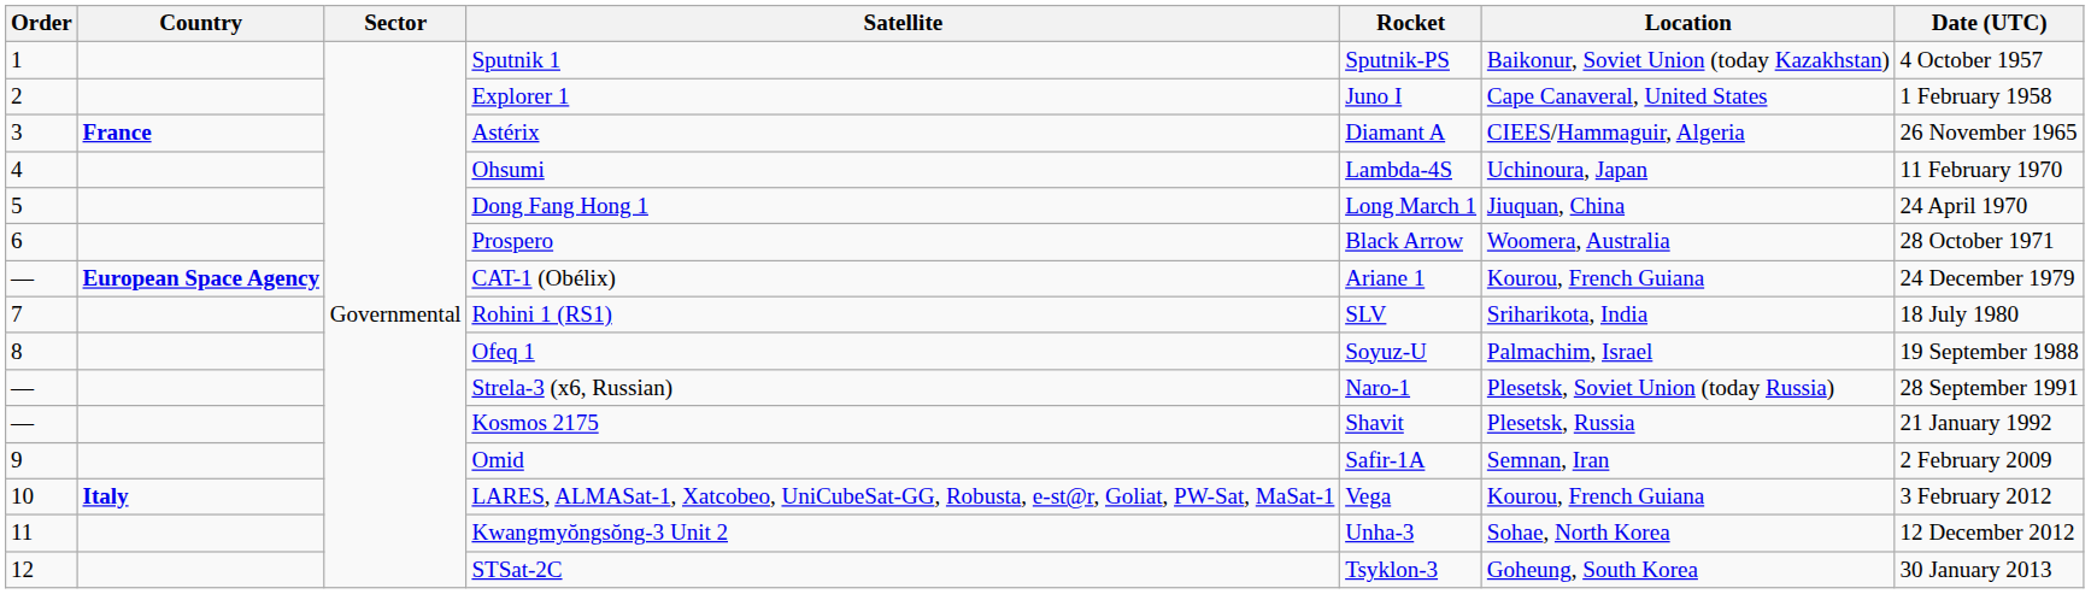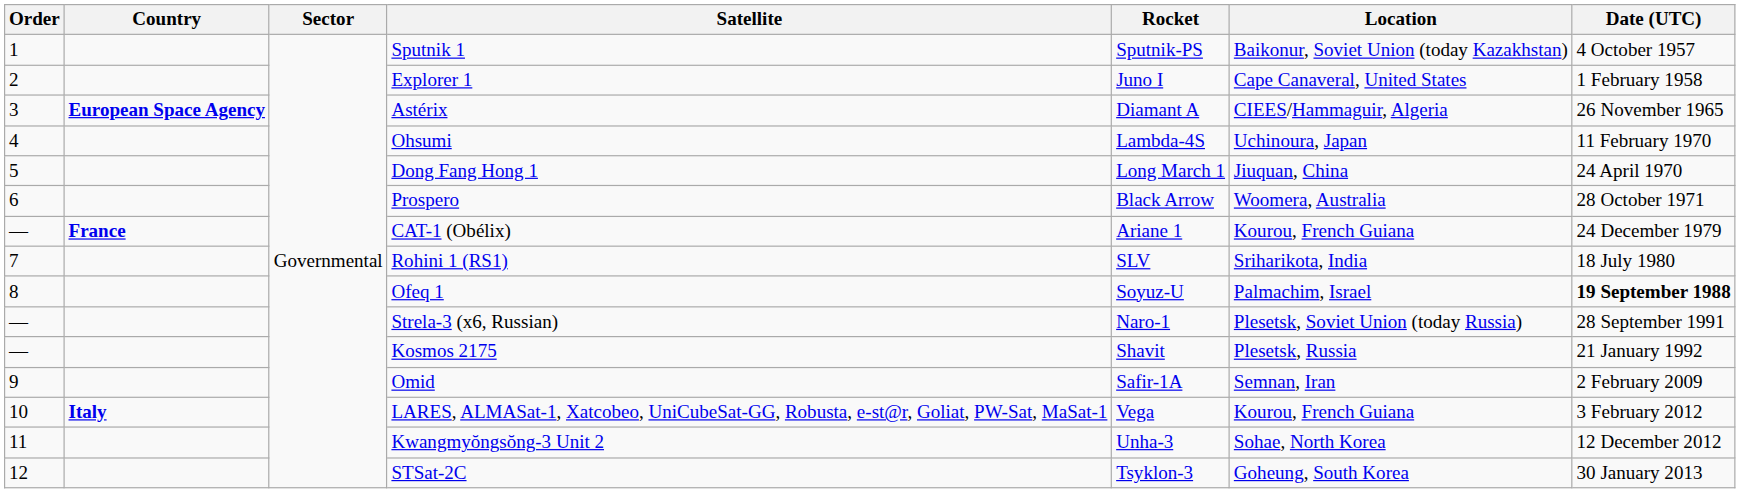 <table class="wikitable sticky-header">
 <tr>
 <th>Order</th>
 <th>Country</th>
 <th>Sector</th>
 <th>Satellite</th>
 <th>Rocket</th>
 <th>Location</th>
 <th>Date (UTC)</th>
 </tr>
 <tr>
 <td scope="row">1</td>
 <td></td>
 <td rowspan="15">Governmental</td>
 <td><a href='#'>Sputnik 1</a></td>
 <td><a href='#'>Sputnik-PS</a></td>
 <td><a href='#'>Baikonur</a>, <a href='#'>Soviet Union</a> (today <a href='#'>Kazakhstan</a>)</td>
 <td>4 October 1957</td>
 </tr>
 <tr>
 <td scope="row">2</td>
 <td><strong></strong></td>
 <td><a href='#'>Explorer 1</a></td>
 <td><a href='#'>Juno I</a></td>
 <td><a href='#'>Cape Canaveral</a>, <a href='#'>United States</a></td>
 <td>1 February 1958</td>
 </tr>
 <tr>
 <td scope="row">3</td>
-<td> <strong><a href='#'>France</a></strong></td>
+<td><strong> <a href='#'>European Space Agency</a></strong></td>
 <td><a href='#'>Astérix</a></td>
 <td><a href='#'>Diamant A</a></td>
 <td><a href='#'>CIEES</a>/<a href='#'>Hammaguir</a>, <a href='#'>Algeria</a></td>
 <td>26 November 1965</td>
 </tr>
 <tr>
 <td scope="row">4</td>
 <td><strong></strong></td>
 <td><a href='#'>Ohsumi</a></td>
 <td><a href='#'>Lambda-4S</a></td>
 <td><a href='#'>Uchinoura</a>, <a href='#'>Japan</a></td>
 <td>11 February 1970</td>
 </tr>
 <tr>
 <td scope="row">5</td>
 <td><strong></strong></td>
 <td><a href='#'>Dong Fang Hong 1</a></td>
 <td><a href='#'>Long March 1</a></td>
 <td><a href='#'>Jiuquan</a>, <a href='#'>China</a></td>
 <td>24 April 1970</td>
 </tr>
 <tr>
 <td scope="row">6</td>
 <td></td>
 <td><a href='#'>Prospero</a></td>
 <td><a href='#'>Black Arrow</a></td>
 <td><a href='#'>Woomera</a>, <a href='#'>Australia</a></td>
 <td>28 October 1971</td>
 </tr>
 <tr December 20 Ethiopia launched its first space satellite into space>
 <td scope="row">— </td>
-<td><strong> <a href='#'>European Space Agency</a></strong></td>
+<td> <strong><a href='#'>France</a></strong></td>
 <td><a href='#'>CAT-1</a> (Obélix)</td>
 <td><a href='#'>Ariane 1</a></td>
 <td><a href='#'>Kourou</a>, <a href='#'>French Guiana</a></td>
 <td>24 December 1979</td>
 </tr>
 <tr>
 <td scope="row">7</td>
 <td><strong></strong></td>
 <td><a href='#'>Rohini 1 (RS1)</a></td>
 <td><a href='#'>SLV</a></td>
 <td><a href='#'>Sriharikota</a>, <a href='#'>India</a></td>
 <td>18 July 1980</td>
 </tr>
 <tr>
 <td scope="row">8</td>
 <td><strong></strong></td>
 <td><a href='#'>Ofeq 1</a></td>
 <td><a href='#'>Soyuz-U</a></td>
 <td><a href='#'>Palmachim</a>, <a href='#'>Israel</a></td>
-<td>19 September 1988</td>
+<td><strong>19 September 1988</strong></td>
 </tr>
 <tr>
 <td scope="row">— </td>
 <td><strong></strong></td>
 <td><a href='#'>Strela-3</a> (x6, Russian)</td>
 <td><a href='#'>Naro-1</a></td>
 <td><a href='#'>Plesetsk</a>, <a href='#'>Soviet Union</a> (today <a href='#'>Russia</a>)</td>
 <td>28 September 1991</td>
 </tr>
 <tr>
 <td scope="row">— </td>
 <td><strong></strong></td>
 <td><a href='#'>Kosmos 2175</a></td>
 <td><a href='#'>Shavit</a></td>
 <td><a href='#'>Plesetsk</a>, <a href='#'>Russia</a></td>
 <td>21 January 1992</td>
 </tr>
 <tr>
 <td scope="row">9</td>
 <td><strong></strong></td>
 <td><a href='#'>Omid</a></td>
 <td><a href='#'>Safir-1A</a></td>
 <td><a href='#'>Semnan</a>, <a href='#'>Iran</a></td>
 <td>2 February 2009</td>
 </tr>
 <tr>
 <td>10</td>
 <td> <strong><a href='#'>Italy</a></strong></td>
 <td><a href='#'>LARES</a>, <a href='#'>ALMASat-1</a>, <a href='#'>Xatcobeo</a>,  <a href='#'>UniCubeSat-GG</a>,  <a href='#'>Robusta</a>, <a href='#'>e-st@r</a>, <a href='#'>Goliat</a>, <a href='#'>PW-Sat</a>,  <a href='#'>MaSat-1</a></td>
 <td><a href='#'>Vega</a></td>
 <td><a href='#'>Kourou</a>, <a href='#'>French Guiana</a></td>
 <td>3 February 2012</td>
 </tr>
 <tr>
 <td scope="row">11</td>
 <td><strong></strong></td>
 <td><a href='#'>Kwangmyŏngsŏng-3 Unit 2</a></td>
 <td><a href='#'>Unha-3</a></td>
 <td><a href='#'>Sohae</a>, <a href='#'>North Korea</a></td>
 <td>12 December 2012</td>
 </tr>
 <tr>
 <td scope="row">12</td>
 <td><strong></strong></td>
 <td><a href='#'>STSat-2C</a></td>
 <td><a href='#'>Tsyklon-3</a></td>
 <td><a href='#'>Goheung</a>, <a href='#'>South Korea</a></td>
 <td>30 January 2013<br></td>
 </tr>
 </table>
